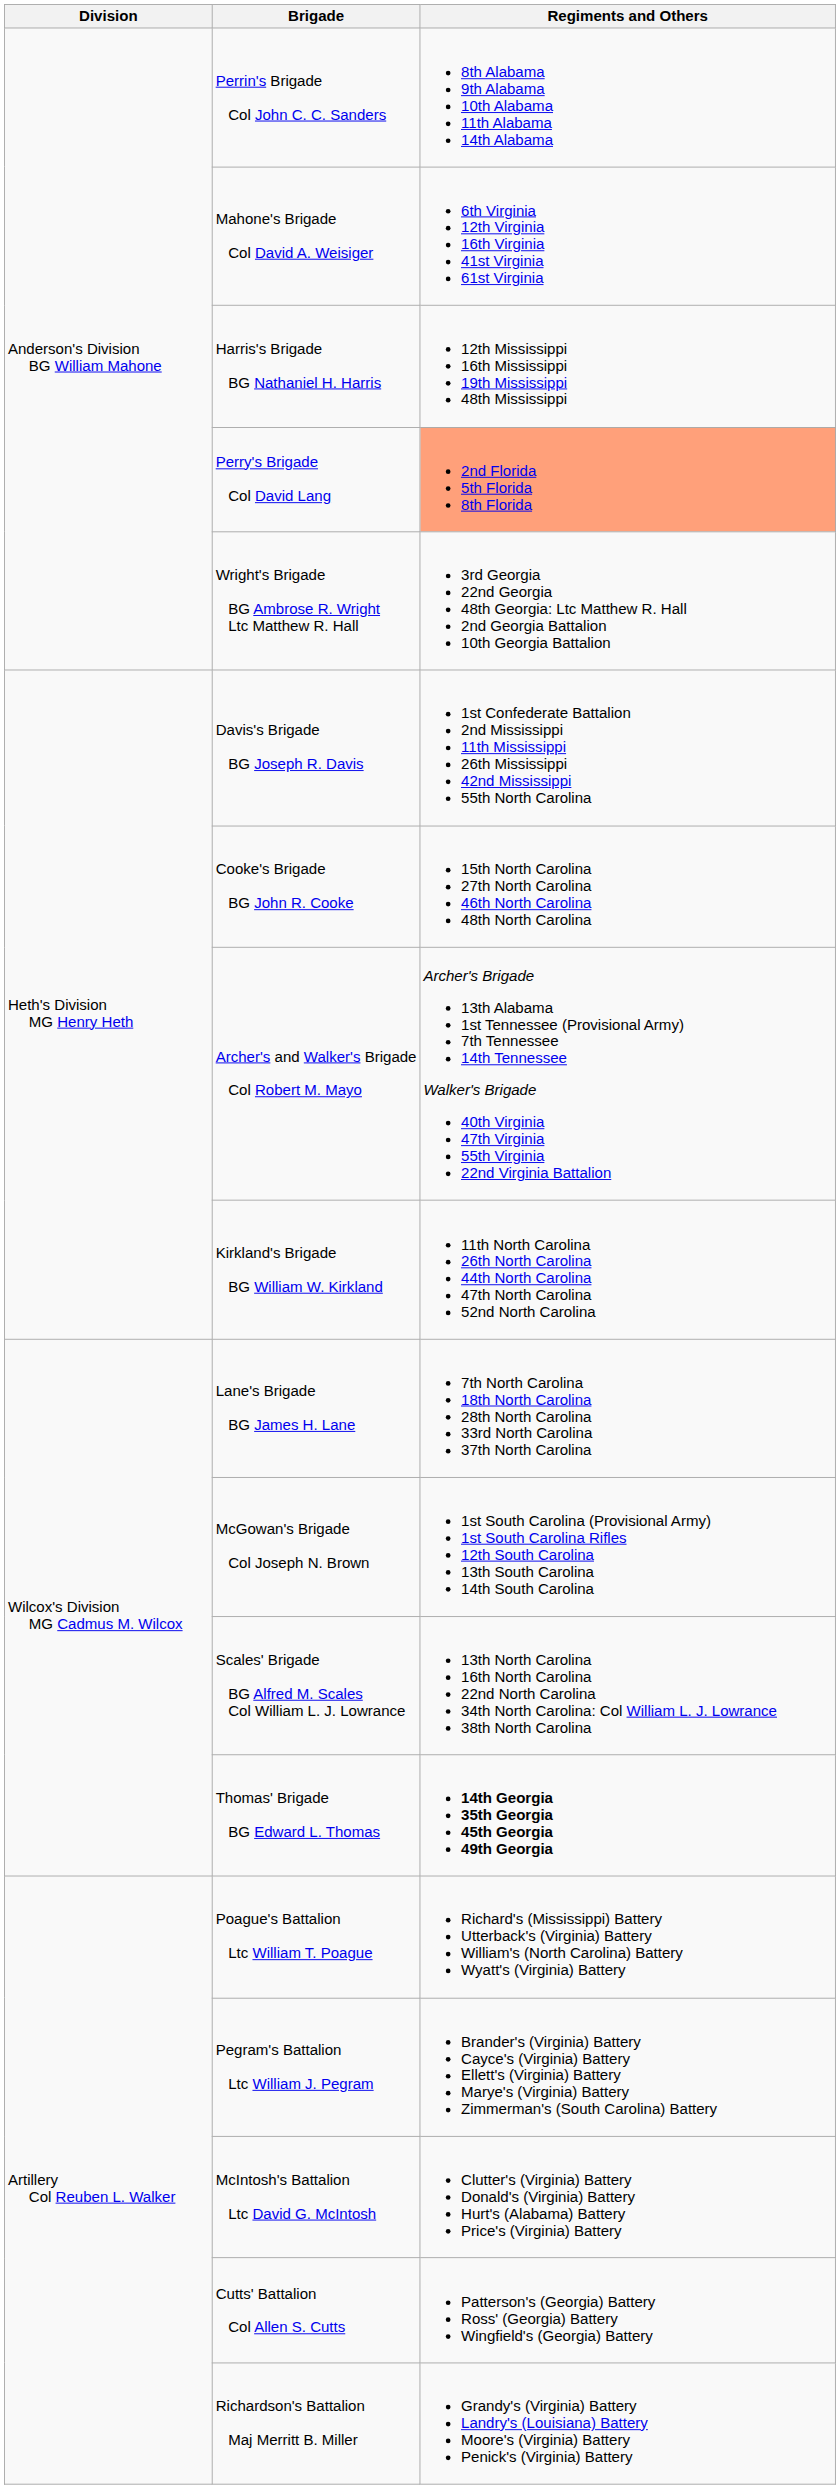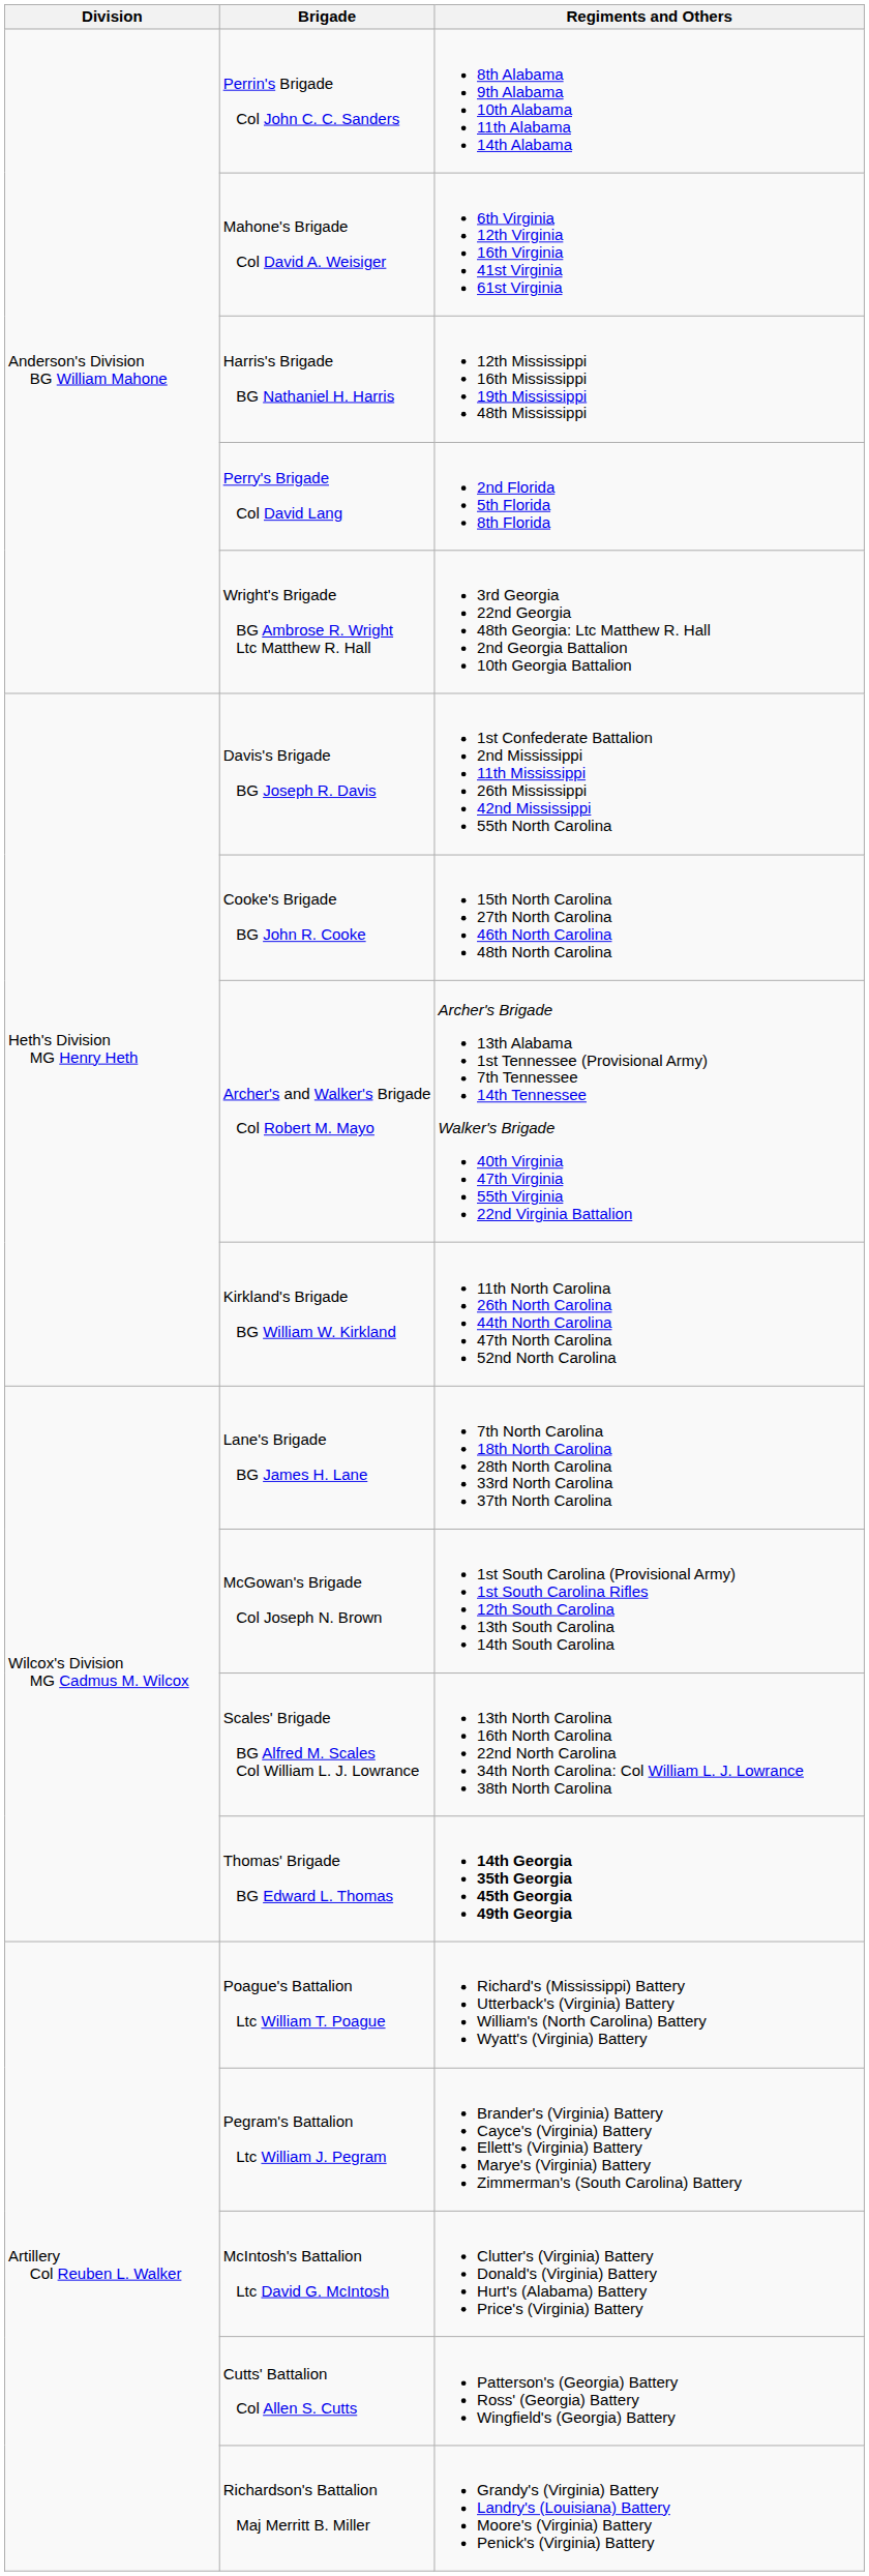 <table class="wikitable">
 <tr>
 <th width=25%>Division</th>
 <th width=25%>Brigade</th>
 <th>Regiments and Others</th>
 </tr>
 <tr>
 <td rowspan=5><br>Anderson's Division <br>     BG <a href='#'>William Mahone</a></td>
 <td><a href='#'>Perrin's</a> Brigade<br><br>   Col <a href='#'>John C. C. Sanders</a></td>
 <td><br><ul><li><a href='#'>8th Alabama</a></li><li><a href='#'>9th Alabama</a></li><li><a href='#'>10th Alabama</a></li><li><a href='#'>11th Alabama</a></li><li><a href='#'>14th Alabama</a></li></ul></td>
 </tr>
 <tr>
 <td>Mahone's Brigade<br><br>   Col <a href='#'>David A. Weisiger</a></td>
 <td><br><ul><li><a href='#'>6th Virginia</a></li><li><a href='#'>12th Virginia</a></li><li><a href='#'>16th Virginia</a></li><li><a href='#'>41st Virginia</a></li><li><a href='#'>61st Virginia</a></li></ul></td>
 </tr>
 <tr>
 <td>Harris's Brigade<br><br>   BG <a href='#'>Nathaniel H. Harris</a></td>
 <td><br><ul><li>12th Mississippi</li><li>16th Mississippi</li><li><a href='#'>19th Mississippi</a></li><li>48th Mississippi</li></ul></td>
 </tr>
 <tr>
 <td><a href='#'>Perry's Brigade</a><br><br>   Col <a href='#'>David Lang</a></td>
-<td style="background: lightsalmon;"><br><ul><li><a href='#'>2nd Florida</a></li><li><a href='#'>5th Florida</a></li><li><a href='#'>8th Florida</a></li></ul></td>
+<td><br><ul><li><a href='#'>2nd Florida</a></li><li><a href='#'>5th Florida</a></li><li><a href='#'>8th Florida</a></li></ul></td>
 </tr>
 <tr>
 <td>Wright's Brigade<br><br>   BG <a href='#'>Ambrose R. Wright</a> <br>   Ltc Matthew R. Hall</td>
 <td><br><ul><li>3rd Georgia</li><li>22nd Georgia</li><li>48th Georgia: Ltc Matthew R. Hall</li><li>2nd Georgia Battalion</li><li>10th Georgia Battalion</li></ul></td>
 </tr>
 <tr>
 <td rowspan=4><br>Heth's Division <br>     MG <a href='#'>Henry Heth</a></td>
 <td>Davis's Brigade<br><br>   BG <a href='#'>Joseph R. Davis</a></td>
 <td><br><ul><li>1st Confederate Battalion</li><li>2nd Mississippi</li><li><a href='#'>11th Mississippi</a></li><li>26th Mississippi</li><li><a href='#'>42nd Mississippi</a></li><li>55th North Carolina</li></ul></td>
 </tr>
 <tr>
 <td>Cooke's Brigade<br><br>   BG <a href='#'>John R. Cooke</a></td>
 <td><br><ul><li>15th North Carolina</li><li>27th North Carolina</li><li><a href='#'>46th North Carolina</a></li><li>48th North Carolina</li></ul></td>
 </tr>
 <tr>
 <td><a href='#'>Archer's</a> and <a href='#'>Walker's</a> Brigade<br><br>   Col <a href='#'>Robert M. Mayo</a></td>
 <td><br><em>Archer's Brigade</em><ul><li>13th Alabama</li><li>1st Tennessee (Provisional Army)</li><li>7th Tennessee</li><li><a href='#'>14th Tennessee</a></li></ul><em>Walker's Brigade</em><ul><li><a href='#'>40th Virginia</a></li><li><a href='#'>47th Virginia</a></li><li><a href='#'>55th Virginia</a></li><li><a href='#'>22nd Virginia Battalion</a></li></ul></td>
 </tr>
 <tr>
 <td>Kirkland's Brigade<br><br>   BG <a href='#'>William W. Kirkland</a></td>
 <td><br><ul><li>11th North Carolina</li><li><a href='#'>26th North Carolina</a></li><li><a href='#'>44th North Carolina</a></li><li>47th North Carolina</li><li>52nd North Carolina</li></ul></td>
 </tr>
 <tr>
 <td rowspan=4><br>Wilcox's Division <br>     MG <a href='#'>Cadmus M. Wilcox</a></td>
 <td>Lane's Brigade<br><br>   BG <a href='#'>James H. Lane</a></td>
 <td><br><ul><li>7th North Carolina</li><li><a href='#'>18th North Carolina</a></li><li>28th North Carolina</li><li>33rd North Carolina</li><li>37th  North Carolina</li></ul></td>
 </tr>
 <tr>
 <td>McGowan's Brigade<br><br>   Col Joseph N. Brown</td>
 <td><br><ul><li>1st South Carolina (Provisional Army)</li><li><a href='#'>1st South Carolina Rifles</a></li><li><a href='#'>12th South Carolina</a></li><li>13th South Carolina</li><li>14th South Carolina</li></ul></td>
 </tr>
 <tr>
 <td>Scales' Brigade<br><br>   BG <a href='#'>Alfred M. Scales</a> <br>   Col William L. J. Lowrance</td>
 <td><br><ul><li>13th North Carolina</li><li>16th North Carolina</li><li>22nd North Carolina</li><li>34th North Carolina: Col <a href='#'>William L. J. Lowrance</a></li><li>38th North Carolina</li></ul></td>
 </tr>
 <tr>
 <td>Thomas' Brigade<br><br>   BG <a href='#'>Edward L. Thomas</a></td>
 <td><strong><br><ul><li>14th Georgia</li><li>35th Georgia</li><li>45th Georgia</li><li>49th Georgia</li></ul></strong></td>
 </tr>
 <tr>
 <td rowspan=5><br>Artillery <br>     Col <a href='#'>Reuben L. Walker</a></td>
 <td>Poague's Battalion<br><br>   Ltc <a href='#'>William T. Poague</a></td>
 <td><br><ul><li>Richard's (Mississippi) Battery</li><li>Utterback's (Virginia) Battery</li><li>William's (North Carolina) Battery</li><li>Wyatt's (Virginia) Battery</li></ul></td>
 </tr>
 <tr>
 <td>Pegram's Battalion<br><br>   Ltc <a href='#'>William J. Pegram</a></td>
 <td><br><ul><li>Brander's (Virginia) Battery</li><li>Cayce's (Virginia) Battery</li><li>Ellett's (Virginia) Battery</li><li>Marye's (Virginia) Battery</li><li>Zimmerman's (South Carolina) Battery</li></ul></td>
 </tr>
 <tr>
 <td>McIntosh's Battalion<br><br>   Ltc <a href='#'>David G. McIntosh</a></td>
 <td><br><ul><li>Clutter's (Virginia) Battery</li><li>Donald's (Virginia) Battery</li><li>Hurt's (Alabama) Battery</li><li>Price's (Virginia) Battery</li></ul></td>
 </tr>
 <tr>
 <td>Cutts' Battalion<br><br>   Col <a href='#'>Allen S. Cutts</a></td>
 <td><br><ul><li>Patterson's (Georgia) Battery</li><li>Ross' (Georgia) Battery</li><li>Wingfield's (Georgia) Battery</li></ul></td>
 </tr>
 <tr>
 <td>Richardson's Battalion<br><br>   Maj Merritt B. Miller</td>
 <td><br><ul><li>Grandy's (Virginia) Battery</li><li><a href='#'>Landry's (Louisiana) Battery</a></li><li>Moore's (Virginia) Battery</li><li>Penick's (Virginia) Battery</li></ul></td>
 </tr>
 </table>
